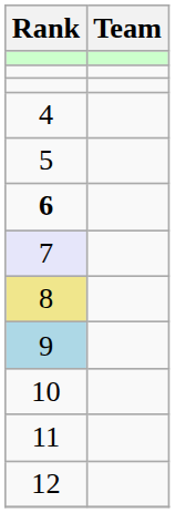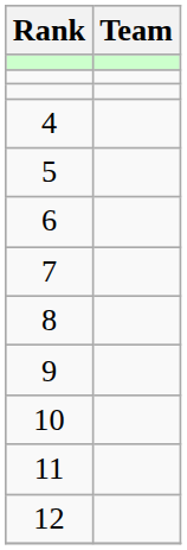 <table class="wikitable">
 <tr>
 <th>Rank</th>
 <th>Team</th>
 </tr>
 <tr bgcolor=ccffcc>
 <td align=center></td>
 <td></td>
 </tr>
 <tr>
 <td align=center></td>
 <td></td>
 </tr>
 <tr>
 <td align=center></td>
 <td></td>
 </tr>
 <tr>
 <td align=center>4</td>
 <td></td>
 </tr>
 <tr>
 <td align=center>5</td>
 <td></td>
 </tr>
 <tr>
-<td align=center><strong>6</strong></td>
+<td align=center>6</td>
 <td></td>
 </tr>
 <tr>
-<td align=center style="background: lavender;">7</td>
+<td align=center>7</td>
 <td></td>
 </tr>
 <tr>
-<td align=center style="background: khaki;">8</td>
+<td align=center>8</td>
 <td></td>
 </tr>
 <tr>
-<td align=center style="background: lightblue;">9</td>
+<td align=center>9</td>
 <td></td>
 </tr>
 <tr>
 <td align=center>10</td>
 <td></td>
 </tr>
 <tr>
 <td align=center>11</td>
 <td></td>
 </tr>
 <tr>
 <td align=center>12</td>
 <td></td>
 </tr>
 <tr>
 </tr>
 </table>
